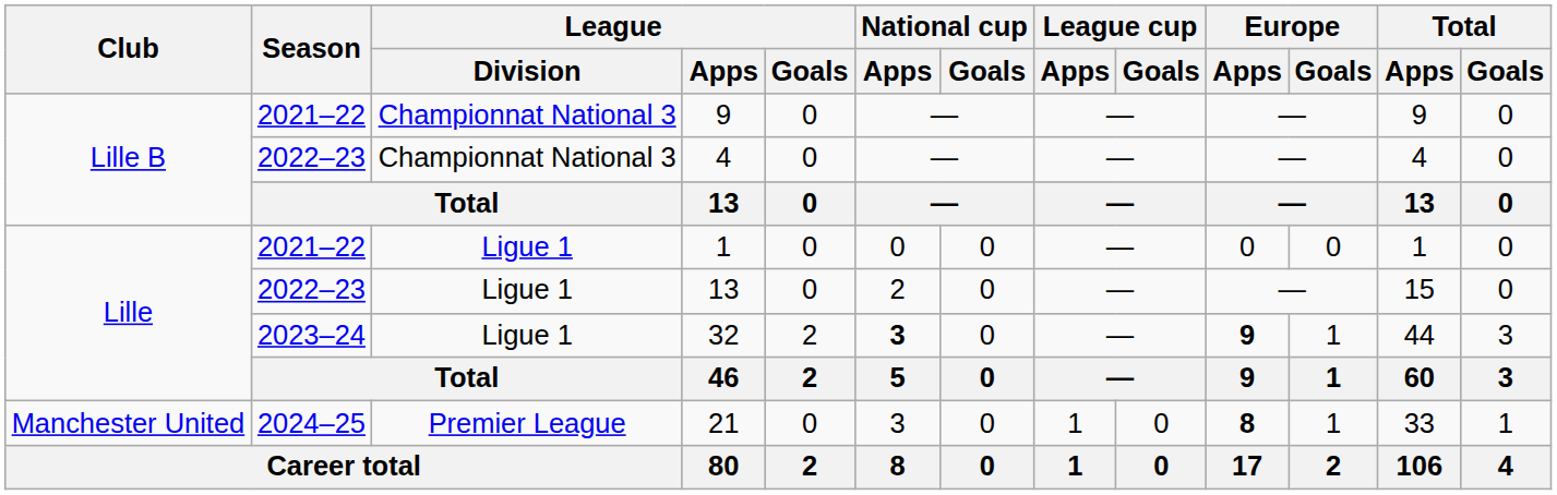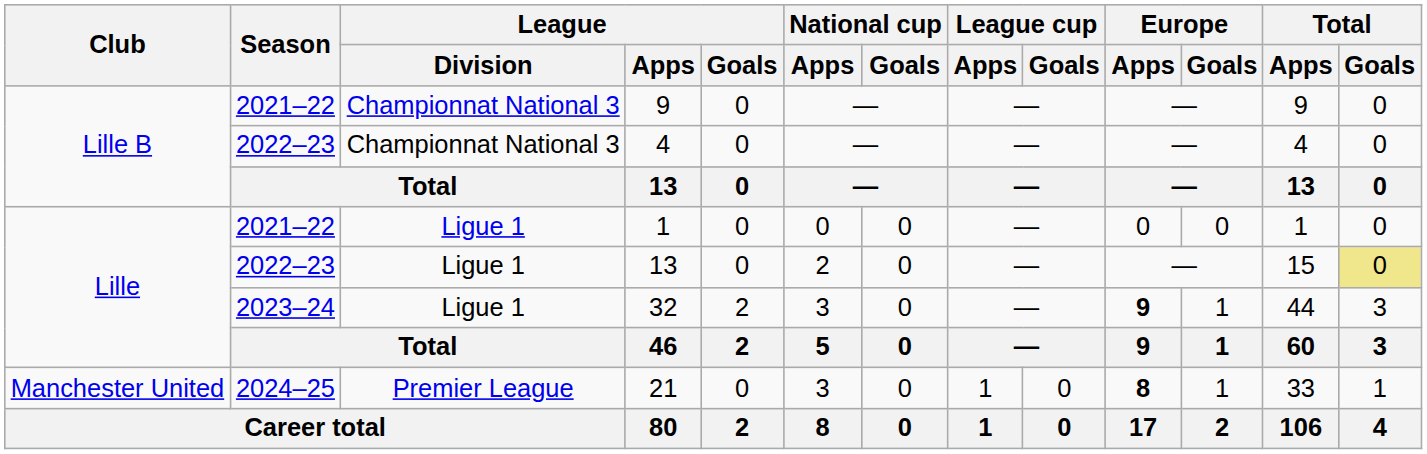 <table class="wikitable" style="text-align: center;">
 <tr>
 <th rowspan="2">Club</th>
 <th rowspan="2">Season</th>
 <th colspan="3">League</th>
 <th colspan="2">National cup</th>
 <th colspan="2">League cup</th>
 <th colspan="2">Europe</th>
 <th colspan="2">Total</th>
 </tr>
 <tr>
 <th>Division</th>
 <th>Apps</th>
 <th>Goals</th>
 <th>Apps</th>
 <th>Goals</th>
 <th>Apps</th>
 <th>Goals</th>
 <th>Apps</th>
 <th>Goals</th>
 <th>Apps</th>
 <th>Goals</th>
 </tr>
 <tr>
 <td rowspan="3"><a href='#'>Lille B</a></td>
 <td><a href='#'>2021–22</a></td>
 <td><a href='#'>Championnat National 3</a></td>
 <td>9</td>
 <td>0</td>
 <td colspan="2">—</td>
 <td colspan="2">—</td>
 <td colspan="2">—</td>
 <td>9</td>
 <td>0</td>
 </tr>
 <tr>
 <td><a href='#'>2022–23</a></td>
 <td>Championnat National 3</td>
 <td>4</td>
 <td>0</td>
 <td colspan="2">—</td>
 <td colspan="2">—</td>
 <td colspan="2">—</td>
 <td>4</td>
 <td>0</td>
 </tr>
 <tr>
 <th colspan="2">Total</th>
 <th>13</th>
 <th>0</th>
 <th colspan="2">—</th>
 <th colspan="2">—</th>
 <th colspan="2">—</th>
 <th>13</th>
 <th>0</th>
 </tr>
 <tr>
 <td rowspan="4"><a href='#'>Lille</a></td>
 <td><a href='#'>2021–22</a></td>
 <td><a href='#'>Ligue 1</a></td>
 <td>1</td>
 <td>0</td>
 <td>0</td>
 <td>0</td>
 <td colspan="2">—</td>
 <td>0</td>
 <td>0</td>
 <td>1</td>
 <td>0</td>
 </tr>
 <tr>
 <td><a href='#'>2022–23</a></td>
 <td>Ligue 1</td>
 <td>13</td>
 <td>0</td>
 <td>2</td>
 <td>0</td>
 <td colspan="2">—</td>
 <td colspan="2">—</td>
 <td>15</td>
-<td>0</td>
+<td style="background: khaki;">0</td>
 </tr>
 <tr>
 <td><a href='#'>2023–24</a></td>
 <td>Ligue 1</td>
 <td>32</td>
 <td>2</td>
-<td><strong>3</strong></td>
+<td>3</td>
 <td>0</td>
 <td colspan="2">—</td>
 <td><strong>9</strong></td>
 <td>1</td>
 <td>44</td>
 <td>3</td>
 </tr>
 <tr>
 <th colspan="2">Total</th>
 <th>46</th>
 <th>2</th>
 <th>5</th>
 <th>0</th>
 <th colspan="2">—</th>
 <th>9</th>
 <th>1</th>
 <th>60</th>
 <th>3</th>
 </tr>
 <tr>
 <td><a href='#'>Manchester United</a></td>
 <td><a href='#'>2024–25</a></td>
 <td><a href='#'>Premier League</a></td>
 <td>21</td>
 <td>0</td>
 <td>3</td>
 <td>0</td>
 <td>1</td>
 <td>0</td>
 <td><strong>8</strong></td>
 <td>1</td>
 <td>33</td>
 <td>1</td>
 </tr>
 <tr>
 <th colspan="3">Career total</th>
 <th>80</th>
 <th>2</th>
 <th>8</th>
 <th>0</th>
 <th>1</th>
 <th>0</th>
 <th>17</th>
 <th>2</th>
 <th>106</th>
 <th>4</th>
 </tr>
 </table>
